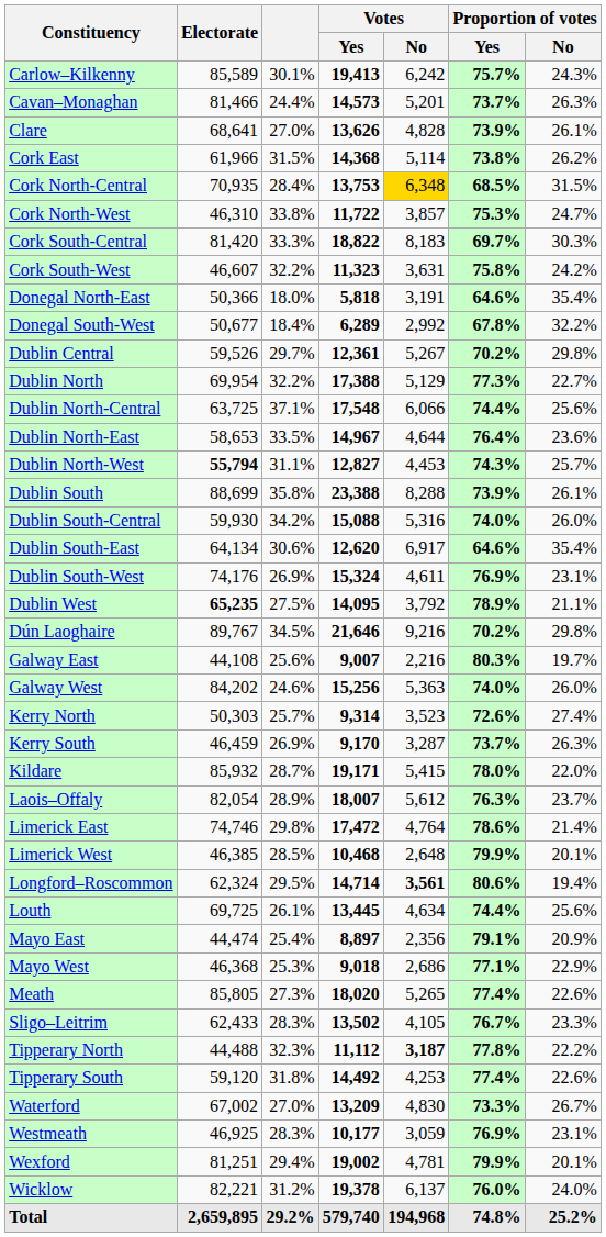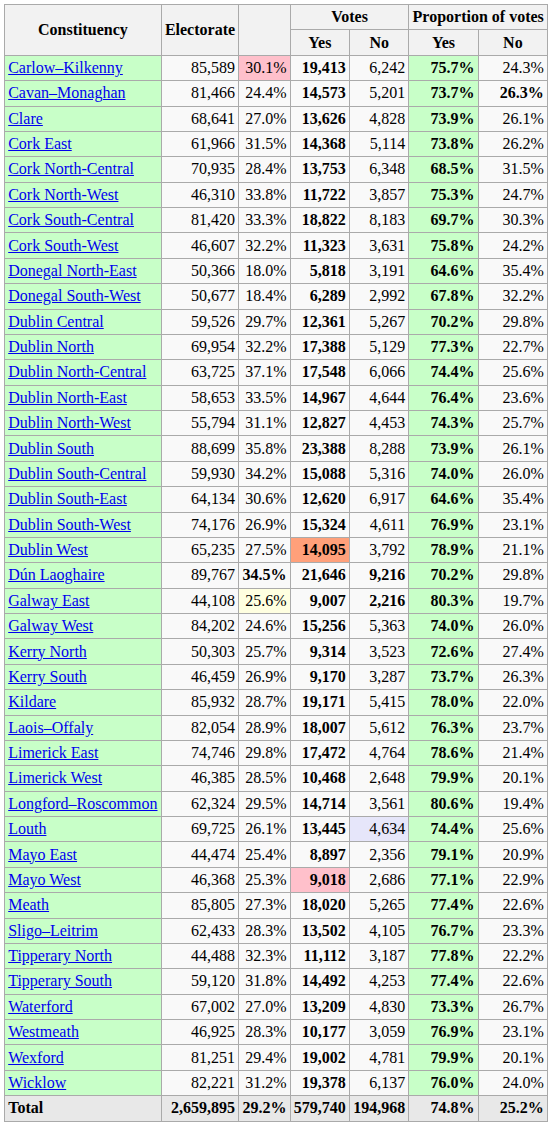 <table class="wikitable sortable">
 <tr>
 <th rowspan=2>Constituency</th>
 <th rowspan=2>Electorate</th>
 <th rowspan=2></th>
 <th colspan=2>Votes</th>
 <th colspan=2>Proportion of votes</th>
 </tr>
 <tr>
 <th>Yes</th>
 <th>No</th>
 <th>Yes</th>
 <th>No</th>
 </tr>
 <tr>
 <td style="background:#c8ffc8;"><a href='#'>Carlow–Kilkenny</a></td>
 <td style="text-align: right;">85,589</td>
-<td style="text-align: right;">30.1%</td>
+<td style="background: pink; text-align: right;">30.1%</td>
 <td style="text-align: right;"><strong>19,413</strong></td>
 <td style="text-align: right;">6,242</td>
 <td style="text-align: right; background:#c8ffc8;"><strong>75.7%</strong></td>
 <td style="text-align: right;">24.3%</td>
 </tr>
 <tr>
 <td style="background:#c8ffc8;"><a href='#'>Cavan–Monaghan</a></td>
 <td style="text-align: right;">81,466</td>
 <td style="text-align: right;">24.4%</td>
 <td style="text-align: right;"><strong>14,573</strong></td>
 <td style="text-align: right;">5,201</td>
 <td style="text-align: right; background:#c8ffc8;"><strong>73.7%</strong></td>
-<td style="text-align: right;">26.3%</td>
+<td style="text-align: right;"><strong>26.3%</strong></td>
 </tr>
 <tr>
 <td style="background:#c8ffc8;"><a href='#'>Clare</a></td>
 <td style="text-align: right;">68,641</td>
 <td style="text-align: right;">27.0%</td>
 <td style="text-align: right;"><strong>13,626</strong></td>
 <td style="text-align: right;">4,828</td>
 <td style="text-align: right; background:#c8ffc8;"><strong>73.9%</strong></td>
 <td style="text-align: right;">26.1%</td>
 </tr>
 <tr>
 <td style="background:#c8ffc8;"><a href='#'>Cork East</a></td>
 <td style="text-align: right;">61,966</td>
 <td style="text-align: right;">31.5%</td>
 <td style="text-align: right;"><strong>14,368</strong></td>
 <td style="text-align: right;">5,114</td>
 <td style="text-align: right; background:#c8ffc8;"><strong>73.8%</strong></td>
 <td style="text-align: right;">26.2%</td>
 </tr>
 <tr>
 <td style="background:#c8ffc8;"><a href='#'>Cork North-Central</a></td>
 <td style="text-align: right;">70,935</td>
 <td style="text-align: right;">28.4%</td>
 <td style="text-align: right;"><strong>13,753</strong></td>
-<td style="background: gold; text-align: right;">6,348</td>
+<td style="text-align: right;">6,348</td>
 <td style="text-align: right; background:#c8ffc8;"><strong>68.5%</strong></td>
 <td style="text-align: right;">31.5%</td>
 </tr>
 <tr>
 <td style="background:#c8ffc8;"><a href='#'>Cork North-West</a></td>
 <td style="text-align: right;">46,310</td>
 <td style="text-align: right;">33.8%</td>
 <td style="text-align: right;"><strong>11,722</strong></td>
 <td style="text-align: right;">3,857</td>
 <td style="text-align: right; background:#c8ffc8;"><strong>75.3%</strong></td>
 <td style="text-align: right;">24.7%</td>
 </tr>
 <tr>
 <td style="background:#c8ffc8;"><a href='#'>Cork South-Central</a></td>
 <td style="text-align: right;">81,420</td>
 <td style="text-align: right;">33.3%</td>
 <td style="text-align: right;"><strong>18,822</strong></td>
 <td style="text-align: right;">8,183</td>
 <td style="text-align: right; background:#c8ffc8;"><strong>69.7%</strong></td>
 <td style="text-align: right;">30.3%</td>
 </tr>
 <tr>
 <td style="background:#c8ffc8;"><a href='#'>Cork South-West</a></td>
 <td style="text-align: right;">46,607</td>
 <td style="text-align: right;">32.2%</td>
 <td style="text-align: right;"><strong>11,323</strong></td>
 <td style="text-align: right;">3,631</td>
 <td style="text-align: right; background:#c8ffc8;"><strong>75.8%</strong></td>
 <td style="text-align: right;">24.2%</td>
 </tr>
 <tr>
 <td style="background:#c8ffc8;"><a href='#'>Donegal North-East</a></td>
 <td style="text-align: right;">50,366</td>
 <td style="text-align: right;">18.0%</td>
 <td style="text-align: right;"><strong>5,818</strong></td>
 <td style="text-align: right;">3,191</td>
 <td style="text-align: right; background:#c8ffc8;"><strong>64.6%</strong></td>
 <td style="text-align: right;">35.4%</td>
 </tr>
 <tr>
 <td style="background:#c8ffc8;"><a href='#'>Donegal South-West</a></td>
 <td style="text-align: right;">50,677</td>
 <td style="text-align: right;">18.4%</td>
 <td style="text-align: right;"><strong>6,289</strong></td>
 <td style="text-align: right;">2,992</td>
 <td style="text-align: right; background:#c8ffc8;"><strong>67.8%</strong></td>
 <td style="text-align: right;">32.2%</td>
 </tr>
 <tr>
 <td style="background:#c8ffc8;"><a href='#'>Dublin Central</a></td>
 <td style="text-align: right;">59,526</td>
 <td style="text-align: right;">29.7%</td>
 <td style="text-align: right;"><strong>12,361</strong></td>
 <td style="text-align: right;">5,267</td>
 <td style="text-align: right; background:#c8ffc8;"><strong>70.2%</strong></td>
 <td style="text-align: right;">29.8%</td>
 </tr>
 <tr>
 <td style="background:#c8ffc8;"><a href='#'>Dublin North</a></td>
 <td style="text-align: right;">69,954</td>
 <td style="text-align: right;">32.2%</td>
 <td style="text-align: right;"><strong>17,388</strong></td>
 <td style="text-align: right;">5,129</td>
 <td style="text-align: right; background:#c8ffc8;"><strong>77.3%</strong></td>
 <td style="text-align: right;">22.7%</td>
 </tr>
 <tr>
 <td style="background:#c8ffc8;"><a href='#'>Dublin North-Central</a></td>
 <td style="text-align: right;">63,725</td>
 <td style="text-align: right;">37.1%</td>
 <td style="text-align: right;"><strong>17,548</strong></td>
 <td style="text-align: right;">6,066</td>
 <td style="text-align: right; background:#c8ffc8;"><strong>74.4%</strong></td>
 <td style="text-align: right;">25.6%</td>
 </tr>
 <tr>
 <td style="background:#c8ffc8;"><a href='#'>Dublin North-East</a></td>
 <td style="text-align: right;">58,653</td>
 <td style="text-align: right;">33.5%</td>
 <td style="text-align: right;"><strong>14,967</strong></td>
 <td style="text-align: right;">4,644</td>
 <td style="text-align: right; background:#c8ffc8;"><strong>76.4%</strong></td>
 <td style="text-align: right;">23.6%</td>
 </tr>
 <tr>
 <td style="background:#c8ffc8;"><a href='#'>Dublin North-West</a></td>
-<td style="text-align: right;"><strong>55,794</strong></td>
+<td style="text-align: right;">55,794</td>
 <td style="text-align: right;">31.1%</td>
 <td style="text-align: right;"><strong>12,827</strong></td>
 <td style="text-align: right;">4,453</td>
 <td style="text-align: right; background:#c8ffc8;"><strong>74.3%</strong></td>
 <td style="text-align: right;">25.7%</td>
 </tr>
 <tr>
 <td style="background:#c8ffc8;"><a href='#'>Dublin South</a></td>
 <td style="text-align: right;">88,699</td>
 <td style="text-align: right;">35.8%</td>
 <td style="text-align: right;"><strong>23,388</strong></td>
 <td style="text-align: right;">8,288</td>
 <td style="text-align: right; background:#c8ffc8;"><strong>73.9%</strong></td>
 <td style="text-align: right;">26.1%</td>
 </tr>
 <tr>
 <td style="background:#c8ffc8;"><a href='#'>Dublin South-Central</a></td>
 <td style="text-align: right;">59,930</td>
 <td style="text-align: right;">34.2%</td>
 <td style="text-align: right;"><strong>15,088</strong></td>
 <td style="text-align: right;">5,316</td>
 <td style="text-align: right; background:#c8ffc8;"><strong>74.0%</strong></td>
 <td style="text-align: right;">26.0%</td>
 </tr>
 <tr>
 <td style="background:#c8ffc8;"><a href='#'>Dublin South-East</a></td>
 <td style="text-align: right;">64,134</td>
 <td style="text-align: right;">30.6%</td>
 <td style="text-align: right;"><strong>12,620</strong></td>
 <td style="text-align: right;">6,917</td>
 <td style="text-align: right; background:#c8ffc8;"><strong>64.6%</strong></td>
 <td style="text-align: right;">35.4%</td>
 </tr>
 <tr>
 <td style="background:#c8ffc8;"><a href='#'>Dublin South-West</a></td>
 <td style="text-align: right;">74,176</td>
 <td style="text-align: right;">26.9%</td>
 <td style="text-align: right;"><strong>15,324</strong></td>
 <td style="text-align: right;">4,611</td>
 <td style="text-align: right; background:#c8ffc8;"><strong>76.9%</strong></td>
 <td style="text-align: right;">23.1%</td>
 </tr>
 <tr>
 <td style="background:#c8ffc8;"><a href='#'>Dublin West</a></td>
-<td style="text-align: right;"><strong>65,235</strong></td>
+<td style="text-align: right;">65,235</td>
 <td style="text-align: right;">27.5%</td>
-<td style="text-align: right;"><strong>14,095</strong></td>
+<td style="background: lightsalmon; text-align: right;"><strong>14,095</strong></td>
 <td style="text-align: right;">3,792</td>
 <td style="text-align: right; background:#c8ffc8;"><strong>78.9%</strong></td>
 <td style="text-align: right;">21.1%</td>
 </tr>
 <tr>
 <td style="background:#c8ffc8;"><a href='#'>Dún Laoghaire</a></td>
 <td style="text-align: right;">89,767</td>
-<td style="text-align: right;">34.5%</td>
+<td style="text-align: right;"><strong>34.5%</strong></td>
 <td style="text-align: right;"><strong>21,646</strong></td>
-<td style="text-align: right;">9,216</td>
+<td style="text-align: right;"><strong>9,216</strong></td>
 <td style="text-align: right; background:#c8ffc8;"><strong>70.2%</strong></td>
 <td style="text-align: right;">29.8%</td>
 </tr>
 <tr>
 <td style="background:#c8ffc8;"><a href='#'>Galway East</a></td>
 <td style="text-align: right;">44,108</td>
-<td style="text-align: right;">25.6%</td>
+<td style="background: lightyellow; text-align: right;">25.6%</td>
 <td style="text-align: right;"><strong>9,007</strong></td>
-<td style="text-align: right;">2,216</td>
+<td style="text-align: right;"><strong>2,216</strong></td>
 <td style="text-align: right; background:#c8ffc8;"><strong>80.3%</strong></td>
 <td style="text-align: right;">19.7%</td>
 </tr>
 <tr>
 <td style="background:#c8ffc8;"><a href='#'>Galway West</a></td>
 <td style="text-align: right;">84,202</td>
 <td style="text-align: right;">24.6%</td>
 <td style="text-align: right;"><strong>15,256</strong></td>
 <td style="text-align: right;">5,363</td>
 <td style="text-align: right; background:#c8ffc8;"><strong>74.0%</strong></td>
 <td style="text-align: right;">26.0%</td>
 </tr>
 <tr>
 <td style="background:#c8ffc8;"><a href='#'>Kerry North</a></td>
 <td style="text-align: right;">50,303</td>
 <td style="text-align: right;">25.7%</td>
 <td style="text-align: right;"><strong>9,314</strong></td>
 <td style="text-align: right;">3,523</td>
 <td style="text-align: right; background:#c8ffc8;"><strong>72.6%</strong></td>
 <td style="text-align: right;">27.4%</td>
 </tr>
 <tr>
 <td style="background:#c8ffc8;"><a href='#'>Kerry South</a></td>
 <td style="text-align: right;">46,459</td>
 <td style="text-align: right;">26.9%</td>
 <td style="text-align: right;"><strong>9,170</strong></td>
 <td style="text-align: right;">3,287</td>
 <td style="text-align: right; background:#c8ffc8;"><strong>73.7%</strong></td>
 <td style="text-align: right;">26.3%</td>
 </tr>
 <tr>
 <td style="background:#c8ffc8;"><a href='#'>Kildare</a></td>
 <td style="text-align: right;">85,932</td>
 <td style="text-align: right;">28.7%</td>
 <td style="text-align: right;"><strong>19,171</strong></td>
 <td style="text-align: right;">5,415</td>
 <td style="text-align: right; background:#c8ffc8;"><strong>78.0%</strong></td>
 <td style="text-align: right;">22.0%</td>
 </tr>
 <tr>
 <td style="background:#c8ffc8;"><a href='#'>Laois–Offaly</a></td>
 <td style="text-align: right;">82,054</td>
 <td style="text-align: right;">28.9%</td>
 <td style="text-align: right;"><strong>18,007</strong></td>
 <td style="text-align: right;">5,612</td>
 <td style="text-align: right; background:#c8ffc8;"><strong>76.3%</strong></td>
 <td style="text-align: right;">23.7%</td>
 </tr>
 <tr>
 <td style="background:#c8ffc8;"><a href='#'>Limerick East</a></td>
 <td style="text-align: right;">74,746</td>
 <td style="text-align: right;">29.8%</td>
 <td style="text-align: right;"><strong>17,472</strong></td>
 <td style="text-align: right;">4,764</td>
 <td style="text-align: right; background:#c8ffc8;"><strong>78.6%</strong></td>
 <td style="text-align: right;">21.4%</td>
 </tr>
 <tr>
 <td style="background:#c8ffc8;"><a href='#'>Limerick West</a></td>
 <td style="text-align: right;">46,385</td>
 <td style="text-align: right;">28.5%</td>
 <td style="text-align: right;"><strong>10,468</strong></td>
 <td style="text-align: right;">2,648</td>
 <td style="text-align: right; background:#c8ffc8;"><strong>79.9%</strong></td>
 <td style="text-align: right;">20.1%</td>
 </tr>
 <tr>
 <td style="background:#c8ffc8;"><a href='#'>Longford–Roscommon</a></td>
 <td style="text-align: right;">62,324</td>
 <td style="text-align: right;">29.5%</td>
 <td style="text-align: right;"><strong>14,714</strong></td>
-<td style="text-align: right;"><strong>3,561</strong></td>
+<td style="text-align: right;">3,561</td>
 <td style="text-align: right; background:#c8ffc8;"><strong>80.6%</strong></td>
 <td style="text-align: right;">19.4%</td>
 </tr>
 <tr>
 <td style="background:#c8ffc8;"><a href='#'>Louth</a></td>
 <td style="text-align: right;">69,725</td>
 <td style="text-align: right;">26.1%</td>
 <td style="text-align: right;"><strong>13,445</strong></td>
-<td style="text-align: right;">4,634</td>
+<td style="background: lavender; text-align: right;">4,634</td>
 <td style="text-align: right; background:#c8ffc8;"><strong>74.4%</strong></td>
 <td style="text-align: right;">25.6%</td>
 </tr>
 <tr>
 <td style="background:#c8ffc8;"><a href='#'>Mayo East</a></td>
 <td style="text-align: right;">44,474</td>
 <td style="text-align: right;">25.4%</td>
 <td style="text-align: right;"><strong>8,897</strong></td>
 <td style="text-align: right;">2,356</td>
 <td style="text-align: right; background:#c8ffc8;"><strong>79.1%</strong></td>
 <td style="text-align: right;">20.9%</td>
 </tr>
 <tr>
 <td style="background:#c8ffc8;"><a href='#'>Mayo West</a></td>
 <td style="text-align: right;">46,368</td>
 <td style="text-align: right;">25.3%</td>
-<td style="text-align: right;"><strong>9,018</strong></td>
+<td style="background: pink; text-align: right;"><strong>9,018</strong></td>
 <td style="text-align: right;">2,686</td>
 <td style="text-align: right; background:#c8ffc8;"><strong>77.1%</strong></td>
 <td style="text-align: right;">22.9%</td>
 </tr>
 <tr>
 <td style="background:#c8ffc8;"><a href='#'>Meath</a></td>
 <td style="text-align: right;">85,805</td>
 <td style="text-align: right;">27.3%</td>
 <td style="text-align: right;"><strong>18,020</strong></td>
 <td style="text-align: right;">5,265</td>
 <td style="text-align: right; background:#c8ffc8;"><strong>77.4%</strong></td>
 <td style="text-align: right;">22.6%</td>
 </tr>
 <tr>
 <td style="background:#c8ffc8;"><a href='#'>Sligo–Leitrim</a></td>
 <td style="text-align: right;">62,433</td>
 <td style="text-align: right;">28.3%</td>
 <td style="text-align: right;"><strong>13,502</strong></td>
 <td style="text-align: right;">4,105</td>
 <td style="text-align: right; background:#c8ffc8;"><strong>76.7%</strong></td>
 <td style="text-align: right;">23.3%</td>
 </tr>
 <tr>
 <td style="background:#c8ffc8;"><a href='#'>Tipperary North</a></td>
 <td style="text-align: right;">44,488</td>
 <td style="text-align: right;">32.3%</td>
 <td style="text-align: right;"><strong>11,112</strong></td>
-<td style="text-align: right;"><strong>3,187</strong></td>
+<td style="text-align: right;">3,187</td>
 <td style="text-align: right; background:#c8ffc8;"><strong>77.8%</strong></td>
 <td style="text-align: right;">22.2%</td>
 </tr>
 <tr>
 <td style="background:#c8ffc8;"><a href='#'>Tipperary South</a></td>
 <td style="text-align: right;">59,120</td>
 <td style="text-align: right;">31.8%</td>
 <td style="text-align: right;"><strong>14,492</strong></td>
 <td style="text-align: right;">4,253</td>
 <td style="text-align: right; background:#c8ffc8;"><strong>77.4%</strong></td>
 <td style="text-align: right;">22.6%</td>
 </tr>
 <tr>
 <td style="background:#c8ffc8;"><a href='#'>Waterford</a></td>
 <td style="text-align: right;">67,002</td>
 <td style="text-align: right;">27.0%</td>
 <td style="text-align: right;"><strong>13,209</strong></td>
 <td style="text-align: right;">4,830</td>
 <td style="text-align: right; background:#c8ffc8;"><strong>73.3%</strong></td>
 <td style="text-align: right;">26.7%</td>
 </tr>
 <tr>
 <td style="background:#c8ffc8;"><a href='#'>Westmeath</a></td>
 <td style="text-align: right;">46,925</td>
 <td style="text-align: right;">28.3%</td>
 <td style="text-align: right;"><strong>10,177</strong></td>
 <td style="text-align: right;">3,059</td>
 <td style="text-align: right; background:#c8ffc8;"><strong>76.9%</strong></td>
 <td style="text-align: right;">23.1%</td>
 </tr>
 <tr>
 <td style="background:#c8ffc8;"><a href='#'>Wexford</a></td>
 <td style="text-align: right;">81,251</td>
 <td style="text-align: right;">29.4%</td>
 <td style="text-align: right;"><strong>19,002</strong></td>
 <td style="text-align: right;">4,781</td>
 <td style="text-align: right; background:#c8ffc8;"><strong>79.9%</strong></td>
 <td style="text-align: right;">20.1%</td>
 </tr>
 <tr>
 <td style="background:#c8ffc8;"><a href='#'>Wicklow</a></td>
 <td style="text-align: right;">82,221</td>
 <td style="text-align: right;">31.2%</td>
 <td style="text-align: right;"><strong>19,378</strong></td>
 <td style="text-align: right;">6,137</td>
 <td style="text-align: right; background:#c8ffc8;"><strong>76.0%</strong></td>
 <td style="text-align: right;">24.0%</td>
 </tr>
 <tr class="sortbottom" style="font-weight:bold; background:rgb(232,232,232);">
 <td>Total</td>
 <td style="text-align: right;">2,659,895</td>
 <td style="text-align: right;">29.2%</td>
 <td style="text-align: right;">579,740</td>
 <td style="text-align: right;">194,968</td>
 <td style="text-align: right;">74.8%</td>
 <td style="text-align: right;">25.2%</td>
 </tr>
 </table>
